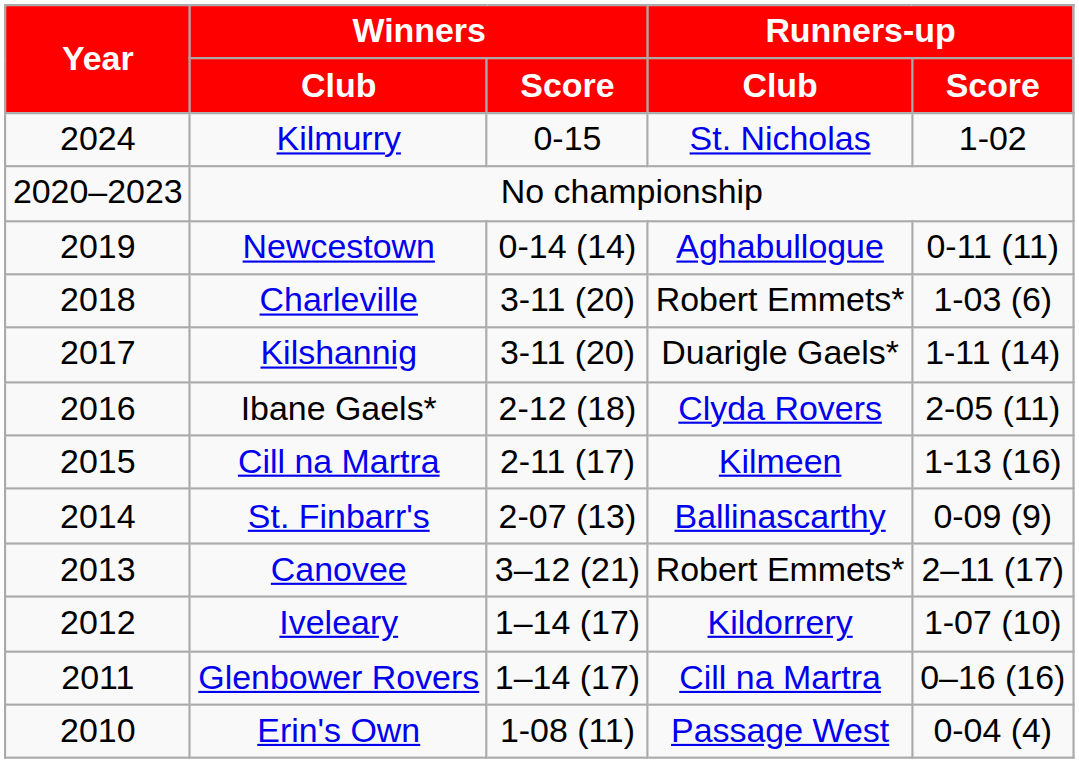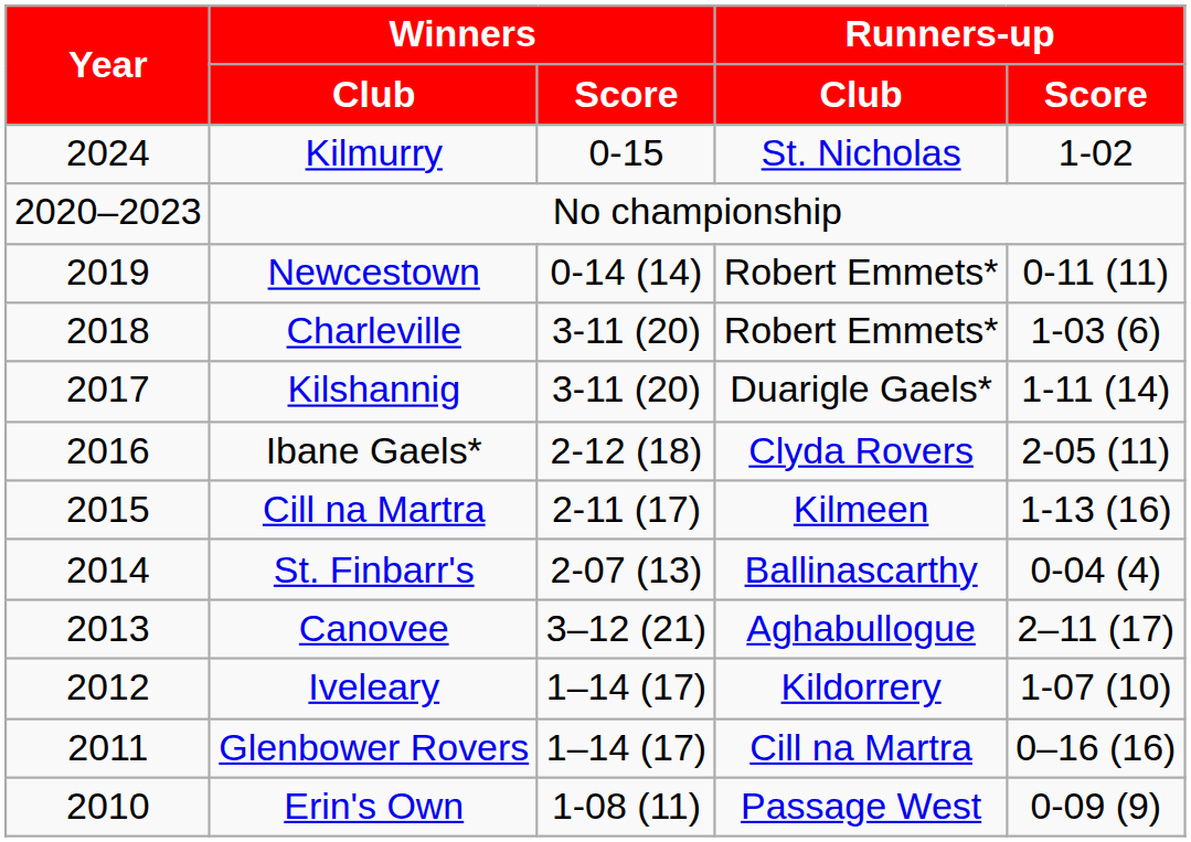 <table class="wikitable sortable" style="text-align:center">
 <tr>
 <th rowspan="2" style="background:red;color:white" scope="col" !>Year</th>
 <th colspan="2" style="background:red;color:white" scope="col" !>Winners</th>
 <th colspan="2" style="background:red;color:white" class="unsortable" scope="col" !>Runners-up</th>
 </tr>
 <tr>
 <th style="background:red;color:white" scope="col" !>Club</th>
 <th style="background:red;color:white" scope="col" !>Score</th>
 <th style="background:red;color:white" class="unsortable" scope="col" !>Club</th>
 <th style="background:red;color:white" class="unsortable" scope="col" !>Score</th>
 </tr>
 <tr>
 <td>2024</td>
 <td><a href='#'>Kilmurry</a></td>
 <td>0-15</td>
 <td><a href='#'>St. Nicholas</a></td>
 <td>1-02</td>
 </tr>
 <tr>
 <td>2020–2023</td>
 <td colspan="4">No championship</td>
 </tr>
 <tr>
 <td>2019</td>
 <td><a href='#'>Newcestown</a></td>
 <td>0-14 (14)</td>
-<td><a href='#'>Aghabullogue</a></td>
+<td>Robert Emmets*</td>
 <td>0-11 (11)</td>
 </tr>
 <tr>
 <td>2018</td>
 <td><a href='#'>Charleville</a></td>
 <td>3-11  (20)</td>
 <td>Robert Emmets*</td>
 <td>1-03  (6)</td>
 </tr>
 <tr>
 <td>2017 </td>
 <td><a href='#'>Kilshannig</a></td>
 <td>3-11  (20)</td>
 <td>Duarigle Gaels*</td>
 <td>1-11  (14)</td>
 </tr>
 <tr>
 <td>2016</td>
 <td>Ibane Gaels*</td>
 <td>2-12  (18)</td>
 <td><a href='#'>Clyda Rovers</a></td>
 <td>2-05  (11)</td>
 </tr>
 <tr>
 <td>2015</td>
 <td><a href='#'>Cill na Martra</a></td>
 <td>2-11 (17)</td>
 <td><a href='#'>Kilmeen</a></td>
 <td>1-13 (16)</td>
 </tr>
 <tr>
 <td>2014</td>
 <td><a href='#'>St. Finbarr's</a></td>
 <td>2-07 (13)</td>
 <td><a href='#'>Ballinascarthy</a></td>
-<td>0-09 (9)</td>
+<td>0-04 (4)</td>
 </tr>
 <tr>
 <td>2013</td>
 <td><a href='#'>Canovee</a></td>
 <td>3–12 (21)</td>
-<td>Robert Emmets*</td>
+<td><a href='#'>Aghabullogue</a></td>
 <td>2–11 (17)</td>
 </tr>
 <tr>
 <td>2012</td>
 <td><a href='#'>Iveleary</a></td>
 <td>1–14 (17)</td>
 <td><a href='#'>Kildorrery</a></td>
 <td>1-07 (10)</td>
 </tr>
 <tr>
 <td>2011</td>
 <td><a href='#'>Glenbower Rovers</a></td>
 <td>1–14 (17)</td>
 <td><a href='#'>Cill na Martra</a></td>
 <td>0–16 (16)</td>
 </tr>
 <tr>
 <td>2010</td>
 <td><a href='#'>Erin's Own</a></td>
 <td>1-08 (11)</td>
 <td><a href='#'>Passage West</a></td>
-<td>0-04 (4)</td>
+<td>0-09 (9)</td>
 </tr>
 </table>
